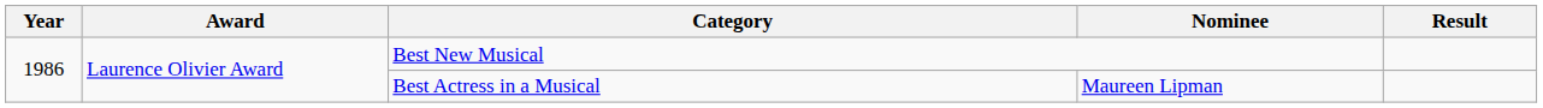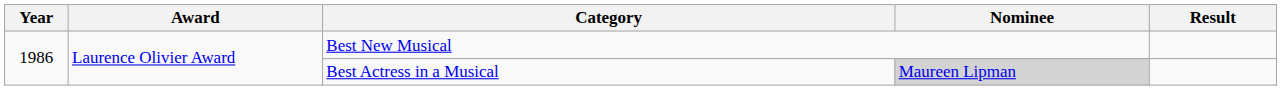 <table class="wikitable" width="95%">
 <tr>
 <th width="5%">Year</th>
 <th width="20%">Award</th>
 <th width="45%">Category</th>
 <th width="20%">Nominee</th>
 <th width="10%">Result</th>
 </tr>
 <tr>
 <td rowspan="2" align="center">1986</td>
 <td rowspan="2"><a href='#'>Laurence Olivier Award</a></td>
 <td colspan="2"><a href='#'>Best New Musical</a></td>
 <td></td>
 </tr>
 <tr>
 <td><a href='#'>Best Actress in a Musical</a></td>
-<td><a href='#'>Maureen Lipman</a></td>
+<td style="background: lightgrey;"><a href='#'>Maureen Lipman</a></td>
 <td></td>
 </tr>
 </table>
